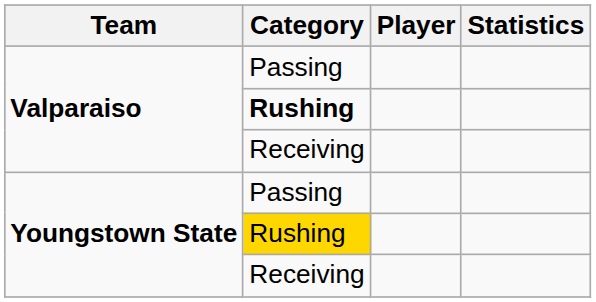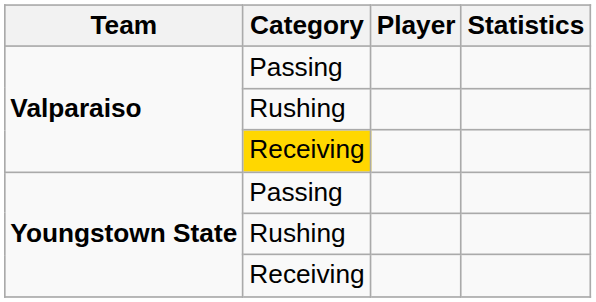 <table class="wikitable" style="float: right;">
 <tr>
 <th>Team</th>
 <th>Category</th>
 <th>Player</th>
 <th>Statistics</th>
 </tr>
 <tr>
 <td rowspan=3><strong>Valparaiso</strong></td>
 <td>Passing</td>
 <td></td>
 <td></td>
 </tr>
 <tr>
-<td><strong>Rushing</strong></td>
+<td>Rushing</td>
 <td></td>
 <td></td>
 </tr>
 <tr>
-<td>Receiving</td>
+<td style="background: gold;">Receiving</td>
 <td></td>
 <td></td>
 </tr>
 <tr>
 <td rowspan=3><strong>Youngstown State</strong></td>
 <td>Passing</td>
 <td></td>
 <td></td>
 </tr>
 <tr>
-<td style="background: gold;">Rushing</td>
+<td>Rushing</td>
 <td></td>
 <td></td>
 </tr>
 <tr>
 <td>Receiving</td>
 <td></td>
 <td></td>
 </tr>
 </table>
